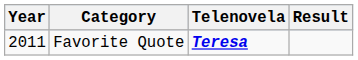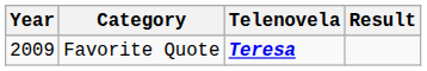 <table class="wikitable">
 <tr style="background:#b0c4de;">
 <th>Year</th>
 <th>Category</th>
 <th>Telenovela</th>
 <th>Result</th>
 </tr>
 <tr>
-<td>2011</td>
+<td>2009</td>
 <td>Favorite Quote</td>
 <td><strong><em><a href='#'>Teresa</a></em></strong></td>
 <td></td>
 </tr>
 </table>
